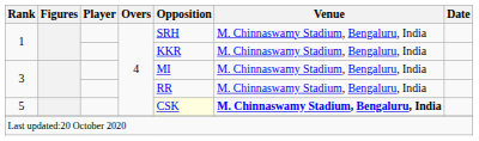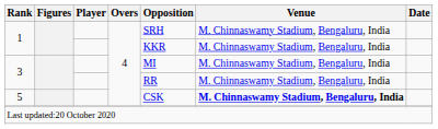 <table class="wikitable">
 <tr>
 <th>Rank</th>
 <th>Figures</th>
 <th>Player</th>
 <th>Overs</th>
 <th>Opposition</th>
 <th>Venue</th>
 <th>Date</th>
 </tr>
 <tr>
 <td align=center rowspan=2>1</td>
 <th scope=row style=text-align:center; rowspan=2></th>
 <td></td>
 <td align=center rowspan=5>4</td>
 <td><a href='#'>SRH</a></td>
 <td><a href='#'>M. Chinnaswamy Stadium</a>, <a href='#'>Bengaluru</a>, India</td>
 <td></td>
 </tr>
 <tr>
 <td></td>
 <td><a href='#'>KKR</a></td>
 <td><a href='#'>M. Chinnaswamy Stadium</a>, <a href='#'>Bengaluru</a>, India</td>
 <td></td>
 </tr>
 <tr>
 <td align=center rowspan=2>3</td>
 <th scope=row style=text-align:center; rowspan=2></th>
 <td></td>
 <td><a href='#'>MI</a></td>
 <td><a href='#'>M. Chinnaswamy Stadium</a>, <a href='#'>Bengaluru</a>, India</td>
 <td></td>
 </tr>
 <tr>
 <td></td>
 <td><a href='#'>RR</a></td>
 <td><a href='#'>M. Chinnaswamy Stadium</a>, <a href='#'>Bengaluru</a>, India</td>
 <td></td>
 </tr>
 <tr>
 <td align=center>5</td>
 <th scope=row style=text-align:center;></th>
 <td></td>
-<td style="background: lightyellow;"><a href='#'>CSK</a></td>
+<td><a href='#'>CSK</a></td>
 <td><strong><a href='#'>M. Chinnaswamy Stadium</a>, <a href='#'>Bengaluru</a>, India</strong></td>
 <td></td>
 </tr>
 <tr>
 </tr>
 <tr class=sortbottom>
 <td colspan=7><small>Last updated:20 October 2020</small></td>
 </tr>
 </table>
